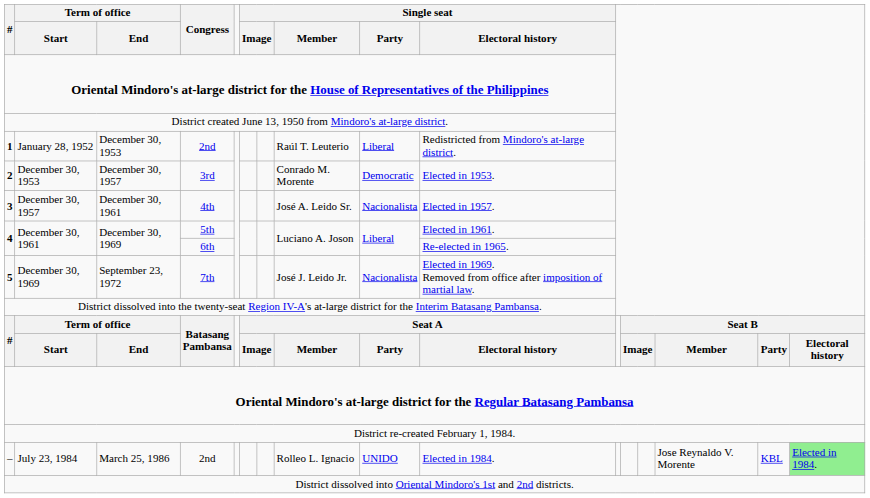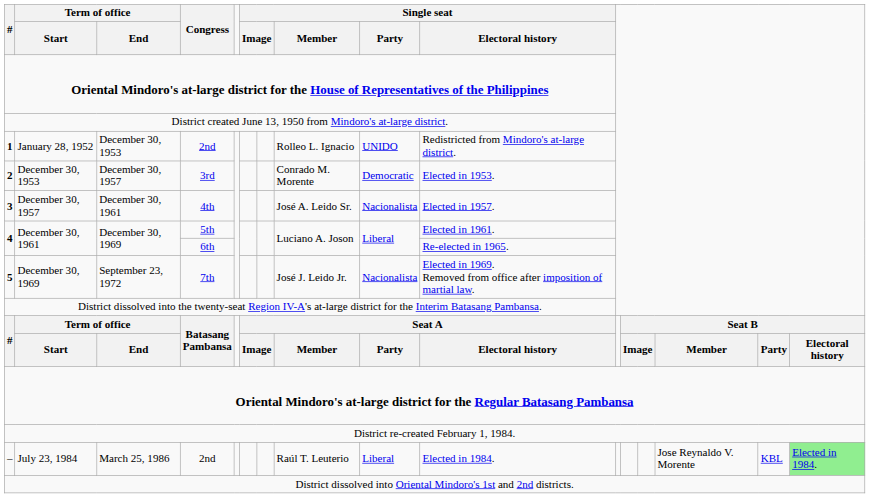 <table class=wikitable>
 <tr>
 <th rowspan=2>#</th>
 <th colspan=2>Term of office</th>
 <th rowspan=2>Congress</th>
 <td rowspan=2></td>
 <th colspan=5>Single seat</th>
 </tr>
 <tr style="height:3em">
 <th>Start</th>
 <th>End</th>
 <th colspan="2" style="text-align:center;">Image</th>
 <th>Member</th>
 <th>Party</th>
 <th>Electoral history</th>
 </tr>
 <tr>
 <td colspan="10" style="text-align:center;"><br><h3>Oriental Mindoro's at-large district for the <a href='#'>House of Representatives of the Philippines</a></h3></td>
 </tr>
 <tr>
 <td colspan="10" style="text-align:center;">District created June 13, 1950 from <a href='#'>Mindoro's at-large district</a>.</td>
 </tr>
 <tr>
 <td style="text-align:center;"><strong>1</strong></td>
 <td>January 28, 1952</td>
 <td>December 30, 1953</td>
 <td style="text-align:center;"><a href='#'>2nd</a></td>
 <td rowspan=6></td>
 <td style="color:inherit;background:"></td>
 <td></td>
-<td>Raúl T. Leuterio</td>
-<td><a href='#'>Liberal</a></td>
+<td>Rolleo L. Ignacio</td>
+<td><a href='#'>UNIDO</a></td>
 <td>Redistricted from <a href='#'>Mindoro's at-large district</a>.</td>
 </tr>
 <tr>
 <td style="text-align:center;"><strong>2</strong></td>
 <td>December 30, 1953</td>
 <td>December 30, 1957</td>
 <td style="text-align:center;"><a href='#'>3rd</a></td>
 <td style="color:inherit;background:"></td>
 <td></td>
 <td>Conrado M. Morente</td>
 <td><a href='#'>Democratic</a></td>
 <td><a href='#'>Elected in 1953</a>.</td>
 </tr>
 <tr>
 <td style="text-align:center;"><strong>3</strong></td>
 <td>December 30, 1957</td>
 <td>December 30, 1961</td>
 <td style="text-align:center;"><a href='#'>4th</a></td>
 <td style="color:inherit;background:"></td>
 <td></td>
 <td>José A. Leido Sr.</td>
 <td><a href='#'>Nacionalista</a></td>
 <td><a href='#'>Elected in 1957</a>.</td>
 </tr>
 <tr>
 <td rowspan="2" style="text-align:center;"><strong>4</strong></td>
 <td rowspan="2">December 30, 1961</td>
 <td rowspan="2">December 30, 1969</td>
 <td style="text-align:center;"><a href='#'>5th</a></td>
 <td rowspan="2" style="color:inherit;background:"></td>
 <td rowspan="2"></td>
 <td rowspan="2">Luciano A. Joson</td>
 <td rowspan="2"><a href='#'>Liberal</a></td>
 <td><a href='#'>Elected in 1961</a>.</td>
 </tr>
 <tr>
 <td style="text-align:center;"><a href='#'>6th</a></td>
 <td><a href='#'>Re-elected in 1965</a>.</td>
 </tr>
 <tr>
 <td style="text-align:center;"><strong>5</strong></td>
 <td>December 30, 1969</td>
 <td>September 23, 1972</td>
 <td style="text-align:center;"><a href='#'>7th</a></td>
 <td style="color:inherit;background:"></td>
 <td></td>
 <td>José J. Leido Jr.</td>
 <td><a href='#'>Nacionalista</a></td>
 <td><a href='#'>Elected in 1969</a>.<br>Removed from office after <a href='#'>imposition of martial law</a>.</td>
 </tr>
 <tr>
 <td colspan="10" style="text-align:center;">District dissolved into the twenty-seat <a href='#'>Region IV-A</a>'s at-large district for the <a href='#'>Interim Batasang Pambansa</a>.</td>
 </tr>
 <tr>
 <th rowspan=2>#</th>
 <th colspan=2>Term of office</th>
 <th rowspan=2>Batasang<br>Pambansa</th>
 <td rowspan=2></td>
 <th colspan=5>Seat A</th>
 <td rowspan=2></td>
 <th colspan=5>Seat B</th>
 </tr>
 <tr style="height:3em">
 <th>Start</th>
 <th>End</th>
 <th colspan="2" style="text-align:center;">Image</th>
 <th>Member</th>
 <th>Party</th>
 <th>Electoral history</th>
 <th colspan="2" style="text-align:center;">Image</th>
 <th>Member</th>
 <th>Party</th>
 <th>Electoral history</th>
 </tr>
 <tr>
 <td colspan="16" style="text-align:center;"><br><h3>Oriental Mindoro's at-large district for the <a href='#'>Regular Batasang Pambansa</a></h3></td>
 </tr>
 <tr>
 <td colspan="16" style="text-align:center;">District re-created February 1, 1984.</td>
 </tr>
 <tr style="height:3em">
 <td style="text-align:center;">–</td>
 <td>July 23, 1984</td>
 <td>March 25, 1986</td>
 <td style="text-align:center;">2nd</td>
 <td></td>
 <td style="color:inherit;background:"></td>
 <td></td>
-<td>Rolleo L. Ignacio</td>
-<td><a href='#'>UNIDO</a></td>
+<td>Raúl T. Leuterio</td>
+<td><a href='#'>Liberal</a></td>
 <td><a href='#'>Elected in 1984</a>.</td>
 <td></td>
 <td style="color:inherit;background:"></td>
 <td></td>
 <td>Jose Reynaldo V. Morente</td>
 <td><a href='#'>KBL</a></td>
 <td style="background: lightgreen;"><a href='#'>Elected in 1984</a>.</td>
 </tr>
 <tr>
 <td colspan="16" style="text-align:center;">District dissolved into <a href='#'>Oriental Mindoro's 1st</a> and <a href='#'>2nd</a> districts.</td>
 </tr>
 </table>
